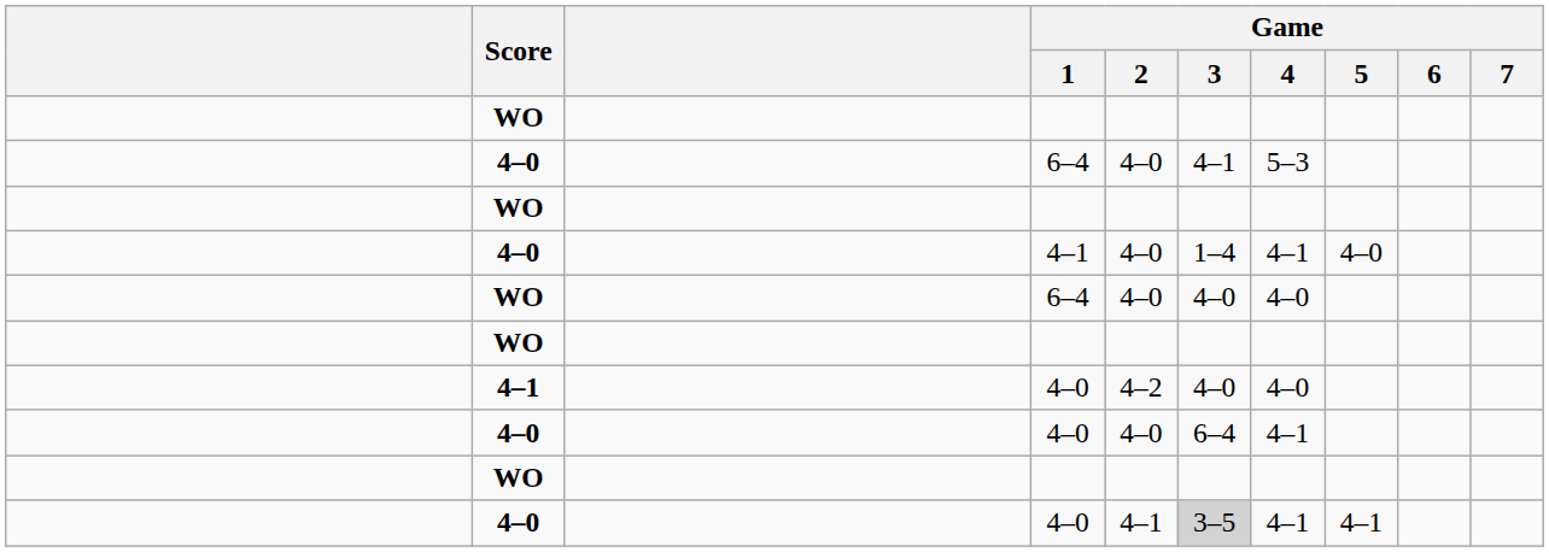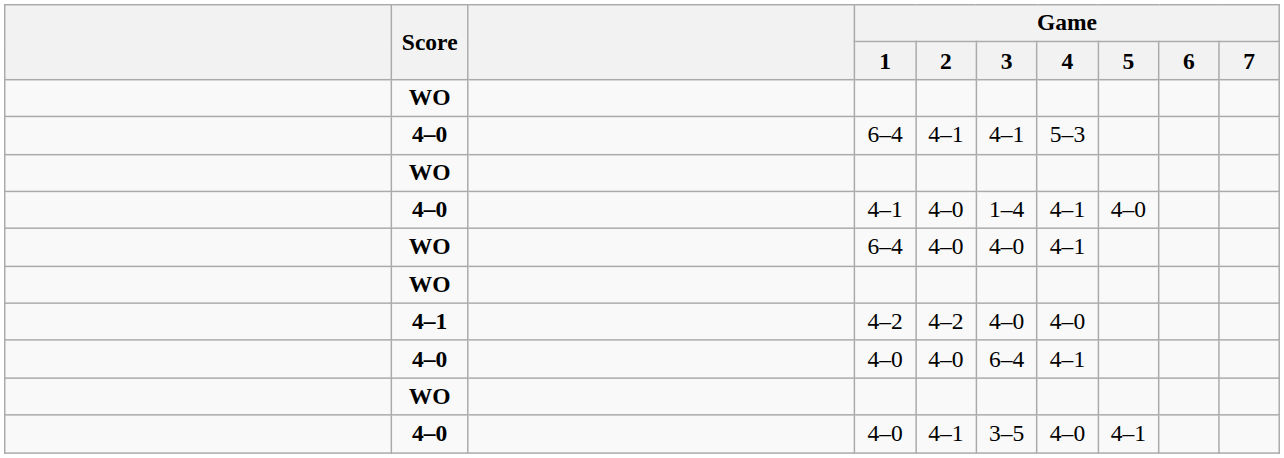 <table class="wikitable" style="text-align: center;">
 <tr>
 <th rowspan=2 align="right" width="270"></th>
 <th rowspan=2 width="45">Score</th>
 <th rowspan=2 align="left" width="270"></th>
 <th colspan=7>Game</th>
 </tr>
 <tr>
 <th width="35">1</th>
 <th width="35">2</th>
 <th width="35">3</th>
 <th width="35">4</th>
 <th width="35">5</th>
 <th width="35">6</th>
 <th width="35">7</th>
 </tr>
 <tr>
 <td align=left><strong></strong></td>
 <td align=center><strong>WO</strong></td>
 <td align=left></td>
 <td></td>
 <td></td>
 <td></td>
 <td></td>
 <td></td>
 <td></td>
 <td></td>
 </tr>
 <tr>
 <td align=left><strong></strong></td>
 <td align=center><strong>4–0</strong></td>
 <td align=left></td>
 <td>6–4</td>
-<td>4–0</td>
+<td>4–1</td>
 <td>4–1</td>
 <td>5–3</td>
 <td></td>
 <td></td>
 <td></td>
 </tr>
 <tr>
 <td align=left><strong></strong></td>
 <td align=center><strong>WO</strong></td>
 <td align=left></td>
 <td></td>
 <td></td>
 <td></td>
 <td></td>
 <td></td>
 <td></td>
 <td></td>
 </tr>
 <tr>
 <td align=left><strong></strong></td>
 <td align=center><strong>4–0</strong></td>
 <td align=left></td>
 <td>4–1</td>
 <td>4–0</td>
 <td>1–4</td>
 <td>4–1</td>
 <td>4–0</td>
 <td></td>
 <td></td>
 </tr>
 <tr>
 <td align=left><strong></strong></td>
 <td align=center><strong>WO</strong></td>
 <td align=left></td>
 <td>6–4</td>
 <td>4–0</td>
 <td>4–0</td>
-<td>4–0</td>
+<td>4–1</td>
 <td></td>
 <td></td>
 <td></td>
 </tr>
 <tr>
 <td align=left><strong></strong></td>
 <td align=center><strong>WO</strong></td>
 <td align=left></td>
 <td></td>
 <td></td>
 <td></td>
 <td></td>
 <td></td>
 <td></td>
 <td></td>
 </tr>
 <tr>
 <td align=left><strong></strong></td>
 <td align=center><strong>4–1</strong></td>
 <td align=left></td>
-<td>4–0</td>
+<td>4–2</td>
 <td>4–2</td>
 <td>4–0</td>
 <td>4–0</td>
 <td></td>
 <td></td>
 <td></td>
 </tr>
 <tr>
 <td align=left><strong></strong></td>
 <td align=center><strong>4–0</strong></td>
 <td align=left></td>
 <td>4–0</td>
 <td>4–0</td>
 <td>6–4</td>
 <td>4–1</td>
 <td></td>
 <td></td>
 <td></td>
 </tr>
 <tr>
 <td align=left><strong></strong></td>
 <td align=center><strong>WO</strong></td>
 <td align=left></td>
 <td></td>
 <td></td>
 <td></td>
 <td></td>
 <td></td>
 <td></td>
 <td></td>
 </tr>
 <tr>
 <td align=left><strong></strong></td>
 <td align=center><strong>4–0</strong></td>
 <td align=left></td>
 <td>4–0</td>
 <td>4–1</td>
-<td style="background: lightgrey;">3–5</td>
-<td>4–1</td>
+<td>3–5</td>
+<td>4–0</td>
 <td>4–1</td>
 <td></td>
 <td></td>
 </tr>
 </table>
